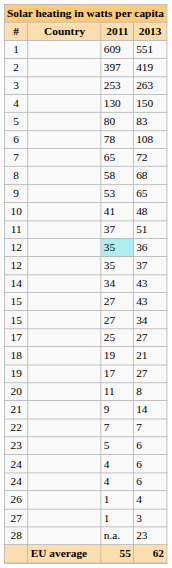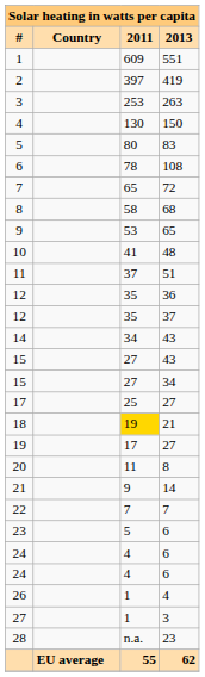 <table class="wikitable sortable">
 <tr>
 <th colspan=4 align=center style="background: #FFCA7A">Solar heating in watts per capita</th>
 </tr>
 <tr>
 <th style="background-color: #FFDEAD; width: 26px;" class="unsortable">#</th>
 <th align=left style="background-color: #FFDEAD;">Country</th>
 <th align=right style="background-color: #FFDEAD;">2011</th>
 <th align=right style="background-color: #FFDEAD;">2013</th>
 </tr>
 <tr>
 <td align=center>1</td>
 <td align=left></td>
 <td>609</td>
 <td>551</td>
 </tr>
 <tr>
 <td align=center>2</td>
 <td align=left></td>
 <td>397</td>
 <td>419</td>
 </tr>
 <tr>
 <td align=center>3</td>
 <td align=left></td>
 <td>253</td>
 <td>263</td>
 </tr>
 <tr>
 <td align=center>4</td>
 <td align=left></td>
 <td>130</td>
 <td>150</td>
 </tr>
 <tr>
 <td align=center>5</td>
 <td align=left></td>
 <td>80</td>
 <td>83</td>
 </tr>
 <tr>
 <td align=center>6</td>
 <td align=left></td>
 <td>78</td>
 <td>108</td>
 </tr>
 <tr>
 <td align=center>7</td>
 <td align=left></td>
 <td>65</td>
 <td>72</td>
 </tr>
 <tr>
 <td align=center>8</td>
 <td align=left></td>
 <td>58</td>
 <td>68</td>
 </tr>
 <tr>
 <td align=center>9</td>
 <td align=left></td>
 <td>53</td>
 <td>65</td>
 </tr>
 <tr>
 <td align=center>10</td>
 <td align=left></td>
 <td>41</td>
 <td>48</td>
 </tr>
 <tr>
 <td align=center>11</td>
 <td align=left></td>
 <td>37</td>
 <td>51</td>
 </tr>
 <tr>
 <td align=center>12</td>
 <td align=left></td>
-<td style="background: paleturquoise;">35</td>
+<td>35</td>
 <td>36</td>
 </tr>
 <tr>
 <td align=center>12</td>
 <td align=left></td>
 <td>35</td>
 <td>37</td>
 </tr>
 <tr>
 <td align=center>14</td>
 <td align=left></td>
 <td>34</td>
 <td>43</td>
 </tr>
 <tr>
 <td align=center>15</td>
 <td align=left></td>
 <td>27</td>
 <td>43</td>
 </tr>
 <tr>
 <td align=center>15</td>
 <td align=left></td>
 <td>27</td>
 <td>34</td>
 </tr>
 <tr>
 <td align=center>17</td>
 <td align=left></td>
 <td>25</td>
 <td>27</td>
 </tr>
 <tr>
 <td align=center>18</td>
 <td align=left></td>
-<td>19</td>
+<td style="background: gold;">19</td>
 <td>21</td>
 </tr>
 <tr>
 <td align=center>19</td>
 <td align=left></td>
 <td>17</td>
 <td>27</td>
 </tr>
 <tr>
 <td align=center>20</td>
 <td align=left></td>
 <td>11</td>
 <td>8</td>
 </tr>
 <tr>
 <td align=center>21</td>
 <td align=left></td>
 <td>9</td>
 <td>14</td>
 </tr>
 <tr>
 <td align=center>22</td>
 <td align=left></td>
 <td>7</td>
 <td>7</td>
 </tr>
 <tr>
 <td align=center>23</td>
 <td align=left></td>
 <td>5</td>
 <td>6</td>
 </tr>
 <tr>
 <td align=center>24</td>
 <td align=left></td>
 <td>4</td>
 <td>6</td>
 </tr>
 <tr>
 <td align=center>24</td>
 <td align=left></td>
 <td>4</td>
 <td>6</td>
 </tr>
 <tr>
 <td align=center>26</td>
 <td align=left></td>
 <td>1</td>
 <td>4</td>
 </tr>
 <tr>
 <td align=center>27</td>
 <td align=left></td>
 <td>1</td>
 <td>3</td>
 </tr>
 <tr>
 <td align=center>28</td>
 <td align=left></td>
 <td>n.a.</td>
 <td>23</td>
 </tr>
 <tr>
 <th style="background-color: #FFDEAD; text-align: center;"></th>
 <th style="background-color: #FFDEAD; text-align: left;"> EU average</th>
 <th style="background-color: #FFDEAD; text-align: right;"><strong>55</strong></th>
 <th style="background-color: #FFDEAD; text-align: right;"><strong>62</strong></th>
 </tr>
 <tr>
 </tr>
 </table>
